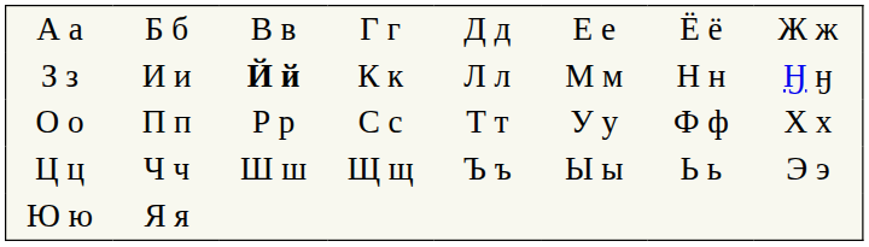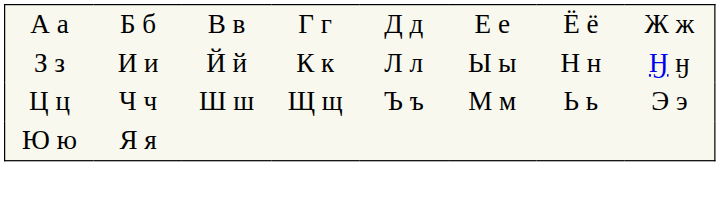 <table style="font-family:Arial Unicode MS; font-size:1.4em; border-color:#000000; border-width:1px; border-style:solid; border-collapse:collapse; background-color:#F8F8EF">
 <tr>
 <td style="width:3em; text-align:center; padding: 3px;">А а</td>
 <td style="width:3em; text-align:center; padding: 3px;">Б б</td>
 <td style="width:3em; text-align:center; padding: 3px;">В в</td>
 <td style="width:3em; text-align:center; padding: 3px;">Г г</td>
 <td style="width:3em; text-align:center; padding: 3px;">Д д</td>
 <td style="width:3em; text-align:center; padding: 3px;">Е е</td>
 <td style="width:3em; text-align:center; padding: 3px;">Ё ё</td>
 <td style="width:3em; text-align:center; padding: 3px;">Ж ж</td>
 </tr>
 <tr>
 <td style="width:3em; text-align:center; padding: 3px;">З з</td>
 <td style="width:3em; text-align:center; padding: 3px;">И и</td>
-<td style="width:3em; text-align:center; padding: 3px;"><strong>Й й</strong></td>
+<td style="width:3em; text-align:center; padding: 3px;">Й й</td>
 <td style="width:3em; text-align:center; padding: 3px;">К к</td>
 <td style="width:3em; text-align:center; padding: 3px;">Л л</td>
-<td style="width:3em; text-align:center; padding: 3px;">М м</td>
+<td style="width:3em; text-align:center; padding: 3px;">Ы ы</td>
 <td style="width:3em; text-align:center; padding: 3px;">Н н</td>
 <td style="width:3em; text-align:center; padding: 3px;"><a href='#'>Ӈ</a> ӈ</td>
-</tr>
-<tr>
-<td style="width:3em; text-align:center; padding: 3px;">О о</td>
-<td style="width:3em; text-align:center; padding: 3px;">П п</td>
-<td style="width:3em; text-align:center; padding: 3px;">Р р</td>
-<td style="width:3em; text-align:center; padding: 3px;">С с</td>
-<td style="width:3em; text-align:center; padding: 3px;">Т т</td>
-<td style="width:3em; text-align:center; padding: 3px;">У у</td>
-<td style="width:3em; text-align:center; padding: 3px;">Ф ф</td>
-<td style="width:3em; text-align:center; padding: 3px;">Х х</td>
 </tr>
 <tr>
 <td style="width:3em; text-align:center; padding: 3px;">Ц ц</td>
 <td style="width:3em; text-align:center; padding: 3px;">Ч ч</td>
 <td style="width:3em; text-align:center; padding: 3px;">Ш ш</td>
 <td style="width:3em; text-align:center; padding: 3px;">Щ щ</td>
 <td style="width:3em; text-align:center; padding: 3px;">Ъ ъ</td>
-<td style="width:3em; text-align:center; padding: 3px;">Ы ы</td>
+<td style="width:3em; text-align:center; padding: 3px;">М м</td>
 <td style="width:3em; text-align:center; padding: 3px;">Ь ь</td>
 <td style="width:3em; text-align:center; padding: 3px;">Э э</td>
 </tr>
 <tr>
 <td style="width:3em; text-align:center; padding: 3px;">Ю ю</td>
 <td style="width:3em; text-align:center; padding: 3px;">Я я</td>
 <td></td>
 <td></td>
 <td></td>
 <td></td>
 <td></td>
 <td></td>
 </tr>
 </table>
